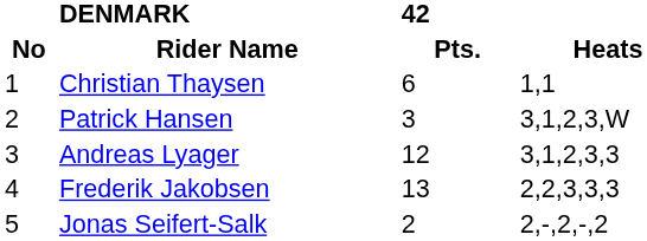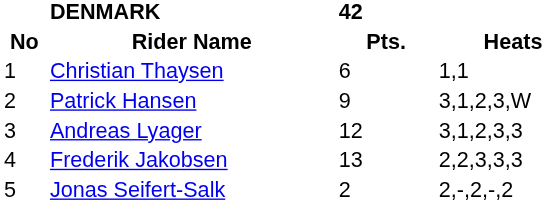 <table class="toccolours">
 <tr>
 <td></td>
 <td><strong>DENMARK</strong></td>
 <td><strong>42</strong></td>
 </tr>
 <tr style="background-color:">
 <th width=30px>No</th>
 <th width=210px>Rider Name</th>
 <th width=70px>Pts.</th>
 <th width=110px>Heats</th>
 </tr>
 <tr style="background-color:">
 <td>1</td>
 <td><a href='#'>Christian Thaysen</a></td>
 <td>6</td>
 <td>1,1</td>
 </tr>
 <tr style="background-color:">
 <td>2</td>
 <td><a href='#'>Patrick Hansen</a></td>
-<td>3</td>
+<td>9</td>
 <td>3,1,2,3,W</td>
 </tr>
 <tr style="background-color:">
 <td>3</td>
 <td><a href='#'>Andreas Lyager</a></td>
 <td>12</td>
 <td>3,1,2,3,3</td>
 </tr>
 <tr style="background-color:">
 <td>4</td>
 <td><a href='#'>Frederik Jakobsen</a></td>
 <td>13</td>
 <td>2,2,3,3,3</td>
 </tr>
 <tr style="background-color:">
 <td>5</td>
 <td><a href='#'>Jonas Seifert-Salk</a></td>
 <td>2</td>
 <td>2,-,2,-,2</td>
 </tr>
 </table>
